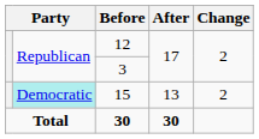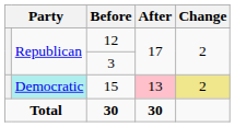 <table class="wikitable" style="text-align:center;">
 <tr>
 <th colspan="2">Party</th>
 <th>Before</th>
 <th>After</th>
 <th>Change</th>
 </tr>
 <tr>
 <th rowspan=2 style="background-color:"></th>
 <td rowspan=2 style="text-align:left;"><a href='#'>Republican</a></td>
 <td>12</td>
 <td rowspan=2 >17</td>
 <td rowspan=2> 2</td>
 </tr>
 <tr>
 <td>3</td>
 </tr>
 <tr>
 <th style="background-color:"></th>
 <td style="background: paleturquoise; text-align:left;"><a href='#'>Democratic</a></td>
 <td>15</td>
-<td>13</td>
-<td> 2</td>
+<td style="background: pink;">13</td>
+<td style="background: khaki;"> 2</td>
 </tr>
 <tr>
 <td colspan="2"><strong>Total</strong></td>
 <td><strong>30</strong></td>
 <td><strong>30</strong></td>
 <td></td>
 </tr>
 </table>
